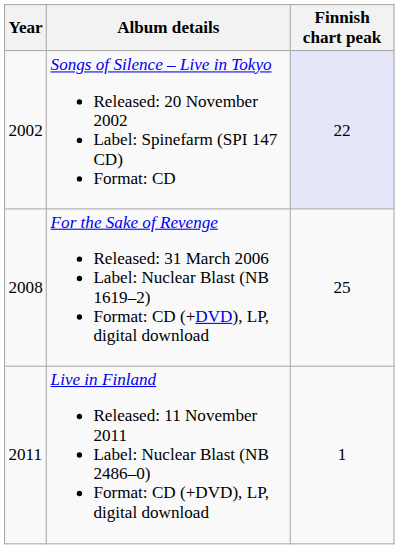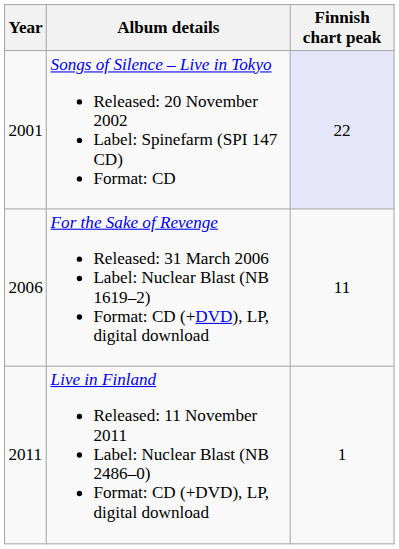 <table class="wikitable" border="1">
 <tr>
 <th>Year</th>
 <th width="220">Album details</th>
 <th width="90">Finnish<br>chart peak</th>
 </tr>
 <tr>
-<td>2002</td>
+<td>2001</td>
 <td><em><a href='#'>Songs of Silence – Live in Tokyo</a></em><br><ul><li>Released: 20 November 2002</li><li>Label: Spinefarm (SPI 147 CD)</li><li>Format: CD</li></ul></td>
 <td align="center" style="background: lavender;">22</td>
 </tr>
 <tr>
-<td>2008</td>
+<td>2006</td>
 <td><em><a href='#'>For the Sake of Revenge</a></em><br><ul><li>Released: 31 March 2006</li><li>Label: Nuclear Blast (NB 1619–2)</li><li>Format: CD (+<a href='#'>DVD</a>), LP, digital download</li></ul></td>
-<td align="center">25</td>
+<td align="center">11</td>
 </tr>
 <tr>
 <td>2011</td>
 <td><em><a href='#'>Live in Finland</a></em><br><ul><li>Released: 11 November 2011</li><li>Label: Nuclear Blast (NB 2486–0)</li><li>Format: CD (+DVD), LP, digital download</li></ul></td>
 <td align="center">1</td>
 </tr>
 </table>
